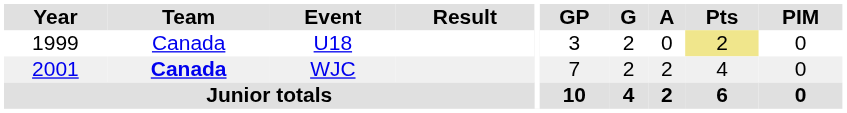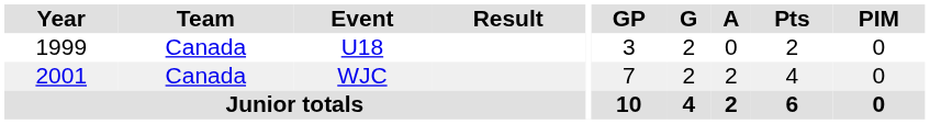 <table border="0" cellpadding="1" cellspacing="0" ID="Table3" style="text-align:center; width:40em">
 <tr ALIGN="center" bgcolor="#e0e0e0">
 <th>Year</th>
 <th>Team</th>
 <th>Event</th>
 <th>Result</th>
 <th rowspan="99" bgcolor="#ffffff"></th>
 <th>GP</th>
 <th>G</th>
 <th>A</th>
 <th>Pts</th>
 <th>PIM</th>
 </tr>
 <tr>
 <td>1999</td>
 <td><a href='#'>Canada</a></td>
 <td><a href='#'>U18</a></td>
 <td></td>
 <td>3</td>
 <td>2</td>
 <td>0</td>
-<td style="background: khaki;">2</td>
+<td>2</td>
 <td>0</td>
 </tr>
 <tr bgcolor="#f0f0f0">
 <td><a href='#'>2001</a></td>
-<td><strong><a href='#'>Canada</a></strong></td>
+<td><a href='#'>Canada</a></td>
 <td><a href='#'>WJC</a></td>
 <td></td>
 <td>7</td>
 <td>2</td>
 <td>2</td>
 <td>4</td>
 <td>0</td>
 </tr>
 <tr bgcolor="#e0e0e0">
 <th colspan="4">Junior totals</th>
 <th>10</th>
 <th>4</th>
 <th>2</th>
 <th>6</th>
 <th>0</th>
 </tr>
 </table>
